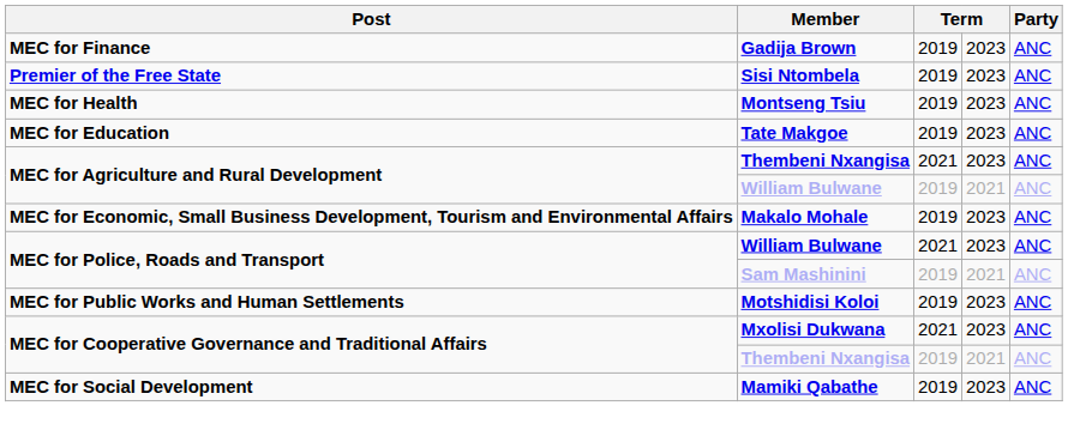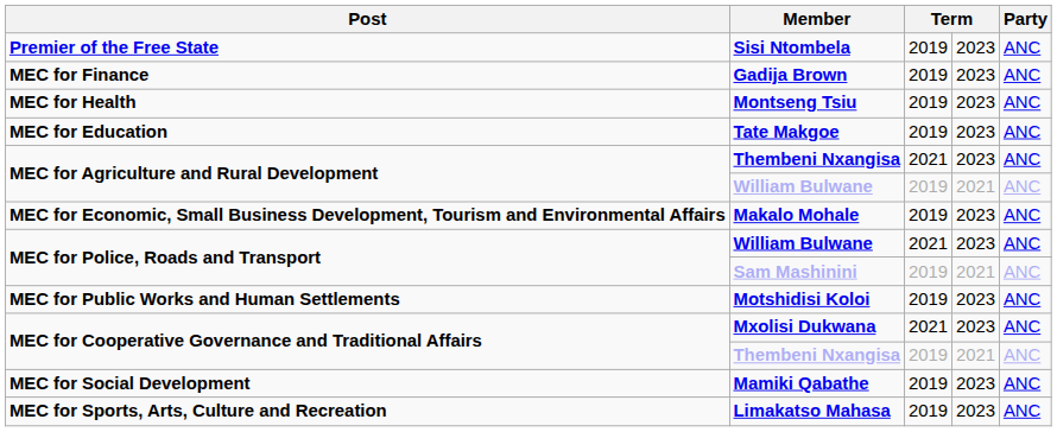 <table class="wikitable">
 <tr>
 <th>Post</th>
 <th>Member</th>
 <th colspan="2">Term</th>
 <th>Party</th>
 </tr>
 <tr>
-<td><strong>MEC for Finance</strong></td>
-<td><strong><a href='#'>Gadija Brown</a></strong></td>
+<td><strong><a href='#'>Premier of the Free State</a></strong></td>
+<td><strong><a href='#'>Sisi Ntombela</a></strong></td>
 <td>2019</td>
 <td>2023</td>
 <td><a href='#'>ANC</a></td>
 </tr>
 <tr>
-<td><strong><a href='#'>Premier of the Free State</a></strong></td>
-<td><strong><a href='#'>Sisi Ntombela</a></strong></td>
+<td><strong>MEC for Finance</strong></td>
+<td><strong><a href='#'>Gadija Brown</a></strong></td>
 <td>2019</td>
 <td>2023</td>
 <td><a href='#'>ANC</a></td>
 </tr>
 <tr>
 <td><strong>MEC for Health</strong></td>
 <td><strong><a href='#'>Montseng Tsiu</a></strong></td>
 <td>2019</td>
 <td>2023</td>
 <td><a href='#'>ANC</a></td>
 </tr>
 <tr>
 <td><strong>MEC for Education</strong></td>
 <td><strong><a href='#'>Tate Makgoe</a></strong></td>
 <td>2019</td>
 <td>2023</td>
 <td><a href='#'>ANC</a></td>
 </tr>
 <tr>
 <td rowspan="2"><strong>MEC for Agriculture and Rural Development</strong></td>
 <td><strong><a href='#'>Thembeni Nxangisa</a></strong></td>
 <td>2021</td>
 <td>2023</td>
 <td><a href='#'>ANC</a></td>
 </tr>
 <tr style="opacity:.3;">
 <td><strong><a href='#'>William Bulwane</a></strong></td>
 <td>2019</td>
 <td>2021</td>
 <td><a href='#'>ANC</a></td>
 </tr>
 <tr>
 <td><strong>MEC for Economic, Small Business Development, Tourism and Environmental Affairs</strong></td>
 <td><strong><a href='#'>Makalo Mohale</a></strong></td>
 <td>2019</td>
 <td>2023</td>
 <td><a href='#'>ANC</a></td>
 </tr>
 <tr>
 <td rowspan="2"><strong>MEC for Police, Roads and Transport</strong></td>
 <td><strong><a href='#'>William Bulwane</a></strong></td>
 <td>2021</td>
 <td>2023</td>
 <td><a href='#'>ANC</a></td>
 </tr>
 <tr style="opacity:.3;">
 <td><strong><a href='#'>Sam Mashinini</a></strong></td>
 <td>2019</td>
 <td>2021</td>
 <td><a href='#'>ANC</a></td>
 </tr>
 <tr>
 <td><strong>MEC for Public Works and Human Settlements</strong></td>
 <td><strong><a href='#'>Motshidisi Koloi</a></strong></td>
 <td>2019</td>
 <td>2023</td>
 <td><a href='#'>ANC</a></td>
 </tr>
 <tr>
 <td rowspan="2"><strong>MEC for Cooperative Governance and Traditional Affairs</strong></td>
 <td><strong><a href='#'>Mxolisi Dukwana</a></strong></td>
 <td>2021</td>
 <td>2023</td>
 <td><a href='#'>ANC</a></td>
 </tr>
 <tr style="opacity:.3;">
 <td><strong><a href='#'>Thembeni Nxangisa</a></strong></td>
 <td>2019</td>
 <td>2021</td>
 <td><a href='#'>ANC</a></td>
 </tr>
 <tr>
 <td><strong>MEC for Social Development</strong></td>
 <td><strong><a href='#'>Mamiki Qabathe</a></strong></td>
 <td>2019</td>
 <td>2023</td>
 <td><a href='#'>ANC</a></td>
 </tr>
+<tr>
+<td><strong>MEC for Sports, Arts, Culture and Recreation</strong></td>
+<td><strong><a href='#'>Limakatso Mahasa</a></strong></td>
+<td>2019</td>
+<td>2023</td>
+<td><a href='#'>ANC</a></td>
+</tr>
 </table>
